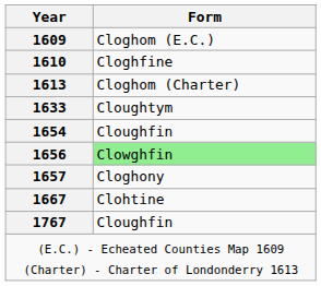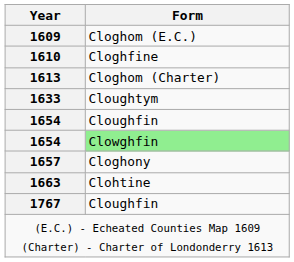 <table class="wikitable" style="margin:0 0 0 3em; border:1px solid darkgrey;">
 <tr>
 <th style="width:75px;">Year</th>
 <th style="width:200px;">Form</th>
 </tr>
 <tr>
 <th>1609</th>
 <td>Cloghom (E.C.)</td>
 </tr>
 <tr>
 <th>1610</th>
 <td>Cloghfine</td>
 </tr>
 <tr>
 <th>1613</th>
 <td>Cloghom (Charter)</td>
 </tr>
 <tr>
 <th>1633</th>
 <td>Cloughtym</td>
 </tr>
 <tr>
 <th>1654</th>
 <td>Cloughfin</td>
 </tr>
 <tr>
-<th>1656</th>
+<th>1654</th>
 <td style="background: lightgreen;">Clowghfin</td>
 </tr>
 <tr>
 <th>1657</th>
 <td>Cloghony</td>
 </tr>
 <tr>
-<th>1667</th>
+<th>1663</th>
 <td>Clohtine</td>
 </tr>
 <tr>
 <th>1767</th>
 <td>Cloughfin</td>
 </tr>
 <tr>
 <td colspan="2" align="center"><sub>(E.C.) - Echeated Counties Map 1609<br>(Charter) - Charter of Londonderry 1613</sub></td>
 </tr>
 </table>
